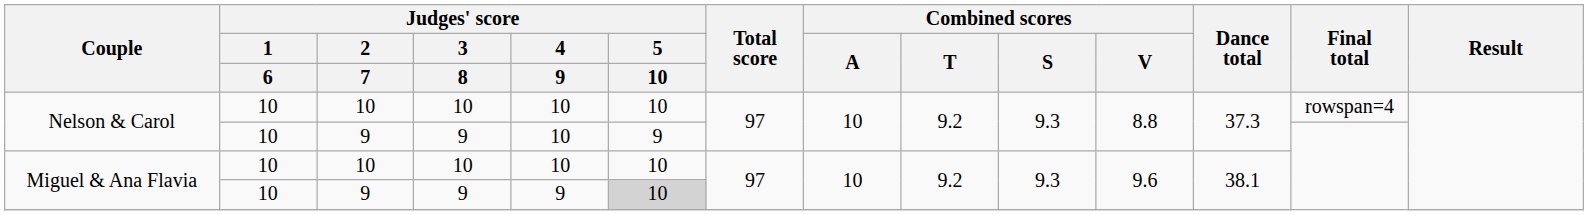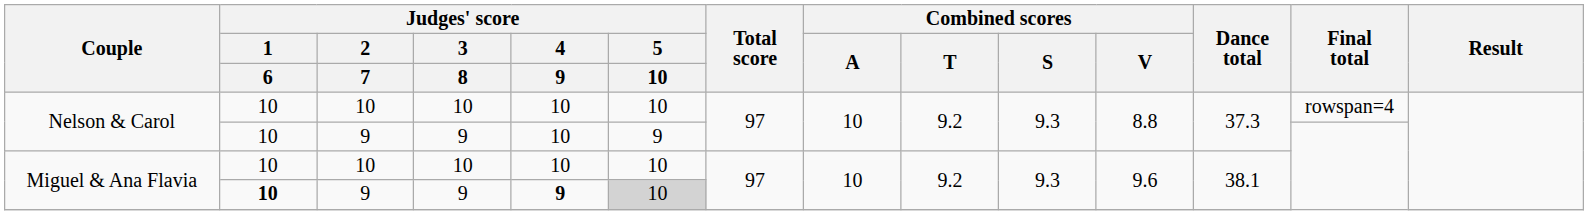 <table class="wikitable" style="font-size:100%; line-height:16px; text-align:center" width="100%">
 <tr>
 <th rowspan=3 width="11.00%">Couple</th>
 <th colspan=5 width="25.00%">Judges' score</th>
 <th rowspan=3 width="05.00%">Total<br>score</th>
 <th colspan=4 width="20.00%">Combined scores</th>
 <th rowspan=3 width="05.00%">Dance<br>total</th>
 <th rowspan=3 width="05.00%">Final<br>total</th>
 <th rowspan=3 width="09.00%">Result</th>
 </tr>
 <tr>
 <th width="05.00%">1</th>
 <th width="05.00%">2</th>
 <th width="05.00%">3</th>
 <th width="05.00%">4</th>
 <th width="05.00%">5</th>
 <th width="05.00%" rowspan=2>A</th>
 <th width="05.00%" rowspan=2>T</th>
 <th width="05.00%" rowspan=2>S</th>
 <th width="05.00%" rowspan=2>V</th>
 </tr>
 <tr>
 <th>6</th>
 <th>7</th>
 <th>8</th>
 <th>9</th>
 <th>10</th>
 </tr>
 <tr>
 <td rowspan=2>Nelson & Carol</td>
 <td>10</td>
 <td>10</td>
 <td>10</td>
 <td>10</td>
 <td>10</td>
 <td rowspan=2>97</td>
 <td rowspan=2>10</td>
 <td rowspan=2>9.2</td>
 <td rowspan=2>9.3</td>
 <td rowspan=2>8.8</td>
 <td rowspan=2>37.3</td>
 <td>rowspan=4 </td>
 <td rowspan=4></td>
 </tr>
 <tr>
 <td>10</td>
 <td>9</td>
 <td>9</td>
 <td>10</td>
 <td>9</td>
 </tr>
 <tr>
 <td rowspan=2>Miguel & Ana Flavia</td>
 <td>10</td>
 <td>10</td>
 <td>10</td>
 <td>10</td>
 <td>10</td>
 <td rowspan=2>97</td>
 <td rowspan=2>10</td>
 <td rowspan=2>9.2</td>
 <td rowspan=2>9.3</td>
 <td rowspan=2>9.6</td>
 <td rowspan=2>38.1</td>
 </tr>
 <tr>
-<td>10</td>
+<td><strong>10</strong></td>
 <td>9</td>
 <td>9</td>
-<td>9</td>
+<td><strong>9</strong></td>
 <td style="background: lightgrey;">10</td>
 </tr>
 <tr>
 </tr>
 </table>
